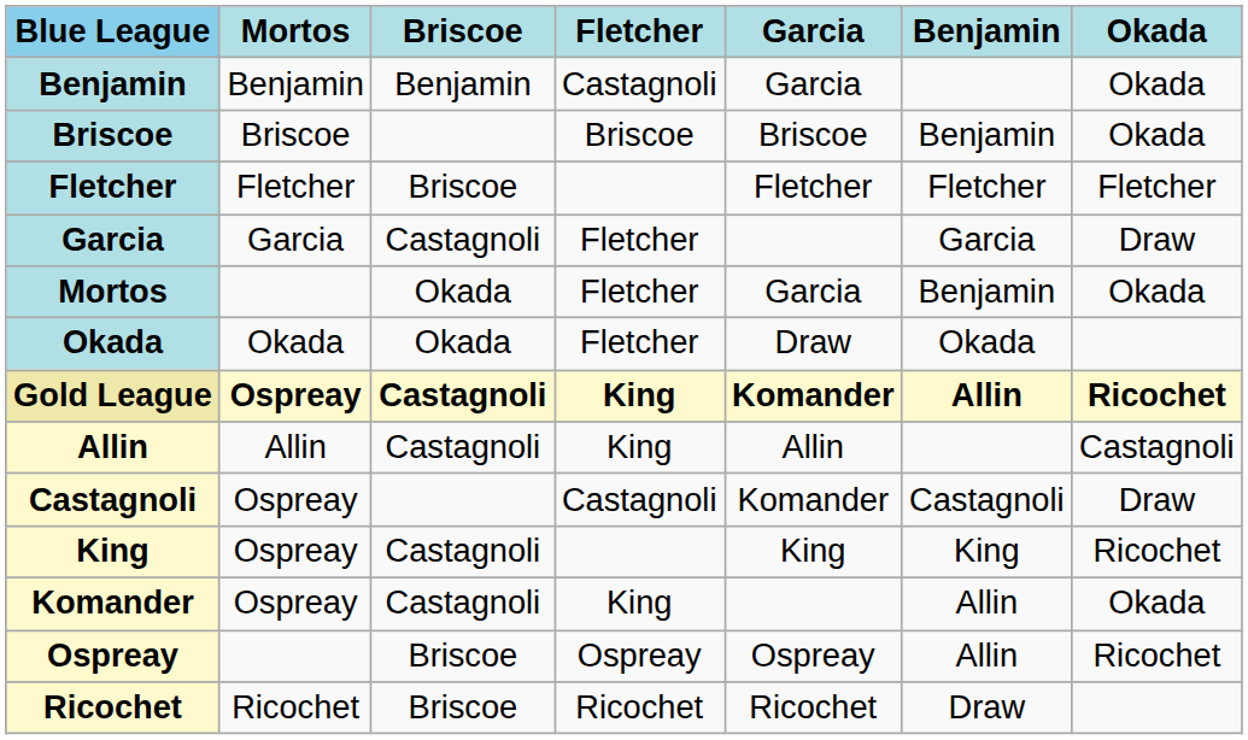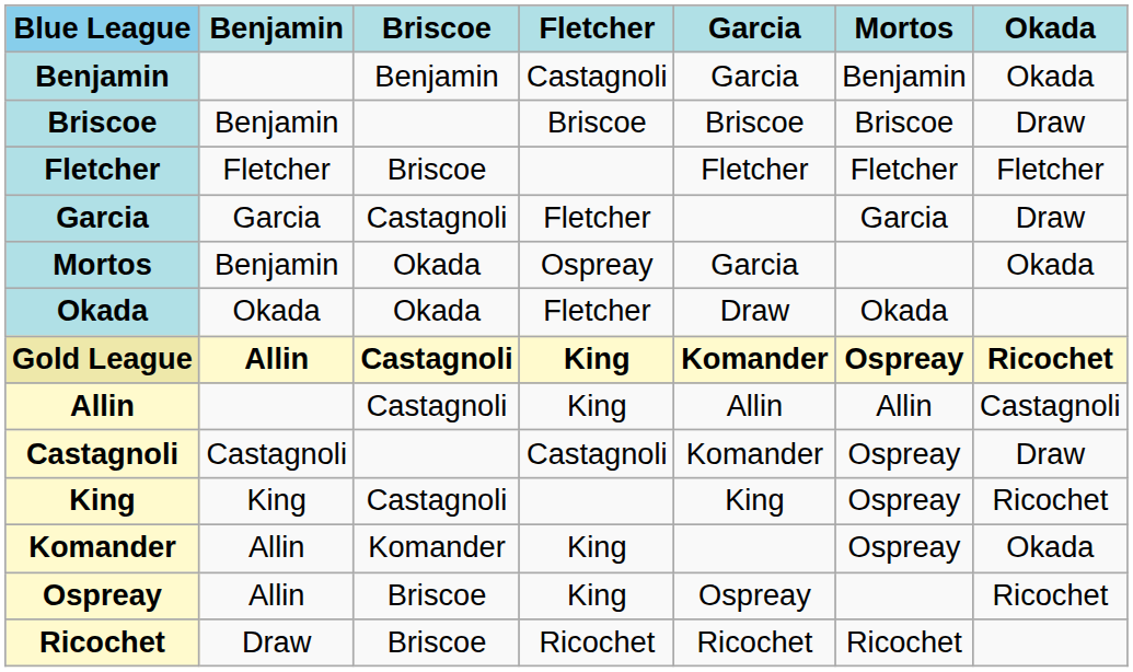 <table class="wikitable" style="margin: 1em auto">
 <tr>
 <th style="background: skyblue">Blue League</th>
-<th style="background: powderblue">Mortos</th>
+<th style="background: powderblue">Benjamin</th>
 <th style="background: powderblue">Briscoe</th>
 <th style="background: powderblue">Fletcher</th>
 <th style="background: powderblue">Garcia</th>
-<th style="background: powderblue">Benjamin</th>
+<th style="background: powderblue">Mortos</th>
 <th style="background: powderblue">Okada</th>
 </tr>
 <tr align="center">
 <th style="background: powderblue">Benjamin</th>
-<td>Benjamin<br></td>
+<td></td>
 <td>Benjamin<br></td>
 <td>Castagnoli<br></td>
 <td>Garcia<br></td>
-<td></td>
+<td>Benjamin<br></td>
 <td>Okada<br></td>
 </tr>
 <tr align="center">
 <th style="background: powderblue">Briscoe</th>
-<td>Briscoe<br></td>
+<td>Benjamin<br></td>
 <td></td>
 <td>Briscoe<br></td>
 <td>Briscoe<br></td>
-<td>Benjamin<br></td>
-<td>Okada<br></td>
+<td>Briscoe<br></td>
+<td>Draw<br></td>
 </tr>
 <tr align="center">
 <th style="background: powderblue">Fletcher</th>
 <td>Fletcher<br></td>
 <td>Briscoe<br></td>
 <td></td>
 <td>Fletcher<br></td>
 <td>Fletcher<br></td>
 <td>Fletcher<br></td>
 </tr>
 <tr align="center">
 <th style="background: powderblue">Garcia</th>
 <td>Garcia<br></td>
 <td>Castagnoli<br></td>
 <td>Fletcher<br></td>
 <td></td>
 <td>Garcia<br></td>
 <td>Draw<br></td>
 </tr>
 <tr align="center">
 <th style="background: powderblue">Mortos</th>
+<td>Benjamin<br></td>
+<td>Okada<br></td>
+<td>Ospreay<br></td>
+<td>Garcia<br></td>
 <td></td>
-<td>Okada<br></td>
-<td>Fletcher<br></td>
-<td>Garcia<br></td>
-<td>Benjamin<br></td>
 <td>Okada<br></td>
 </tr>
 <tr align="center">
 <th style="background: powderblue">Okada</th>
 <td>Okada<br></td>
 <td>Okada<br></td>
 <td>Fletcher<br></td>
 <td>Draw<br></td>
 <td>Okada<br></td>
 <td></td>
 </tr>
 <tr>
 <th style="background: palegoldenrod">Gold League</th>
-<th style="background: lemonchiffon">Ospreay</th>
+<th style="background: lemonchiffon">Allin</th>
 <th style="background: lemonchiffon">Castagnoli</th>
 <th style="background: lemonchiffon">King</th>
 <th style="background: lemonchiffon">Komander</th>
-<th style="background: lemonchiffon">Allin</th>
+<th style="background: lemonchiffon">Ospreay</th>
 <th style="background: lemonchiffon">Ricochet</th>
 </tr>
 <tr align="center">
 <th style="background: lemonchiffon">Allin</th>
-<td>Allin<br></td>
+<td></td>
 <td>Castagnoli<br></td>
 <td>King<br></td>
 <td>Allin<br></td>
-<td></td>
+<td>Allin<br></td>
 <td>Castagnoli<br></td>
 </tr>
 <tr align="center">
 <th style="background: lemonchiffon">Castagnoli</th>
-<td>Ospreay<br></td>
+<td>Castagnoli<br></td>
 <td></td>
 <td>Castagnoli<br></td>
 <td>Komander<br></td>
-<td>Castagnoli<br></td>
+<td>Ospreay<br></td>
 <td>Draw<br></td>
 </tr>
 <tr align="center">
 <th style="background: lemonchiffon">King</th>
-<td>Ospreay<br></td>
+<td>King<br></td>
 <td>Castagnoli<br></td>
 <td></td>
 <td>King<br></td>
-<td>King<br></td>
+<td>Ospreay<br></td>
 <td>Ricochet<br></td>
 </tr>
 <tr align="center">
 <th style="background: lemonchiffon">Komander</th>
-<td>Ospreay<br></td>
-<td>Castagnoli<br></td>
+<td>Allin<br></td>
+<td>Komander<br></td>
 <td>King<br></td>
 <td></td>
-<td>Allin<br></td>
+<td>Ospreay<br></td>
 <td>Okada<br></td>
 </tr>
 <tr align="center">
 <th style="background: lemonchiffon">Ospreay</th>
+<td>Allin<br></td>
+<td>Briscoe<br></td>
+<td>King<br></td>
+<td>Ospreay<br></td>
 <td></td>
-<td>Briscoe<br></td>
-<td>Ospreay<br></td>
-<td>Ospreay<br></td>
-<td>Allin<br></td>
 <td>Ricochet<br></td>
 </tr>
 <tr align="center">
 <th style="background: lemonchiffon">Ricochet</th>
-<td>Ricochet<br></td>
+<td>Draw<br></td>
 <td>Briscoe<br></td>
 <td>Ricochet<br></td>
 <td>Ricochet<br></td>
-<td>Draw<br></td>
+<td>Ricochet<br></td>
 <td></td>
 </tr>
 </table>
